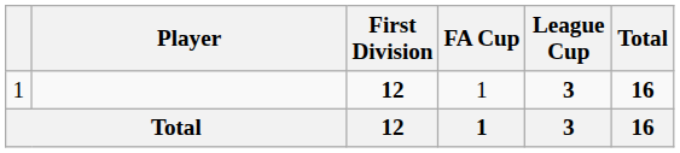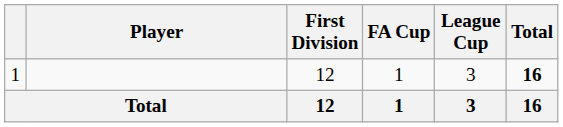 <table class="wikitable sortable" style="font-size: 95%; text-align: center">
 <tr>
 <th width=10></th>
 <th width=200>Player</th>
 <th width=50>First Division</th>
 <th width=50>FA Cup</th>
 <th width=50>League Cup</th>
 <th>Total</th>
 </tr>
 <tr>
 <td>1</td>
 <td></td>
-<td><strong>12</strong></td>
+<td>12</td>
 <td>1</td>
-<td><strong>3</strong></td>
+<td>3</td>
 <td><strong>16</strong></td>
 </tr>
 <tr>
 <th colspan="2">Total</th>
 <th>12</th>
 <th>1</th>
 <th>3</th>
 <th>16</th>
 </tr>
 </table>
